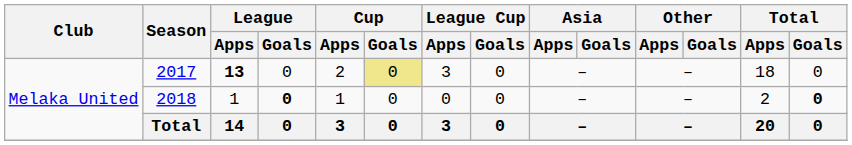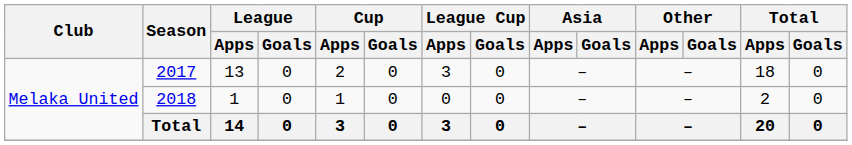 <table class="wikitable" style="text-align:center;">
 <tr>
 <th rowspan="2">Club</th>
 <th rowspan="2">Season</th>
 <th colspan="2">League</th>
 <th colspan="2">Cup</th>
 <th colspan="2">League Cup</th>
 <th colspan="2">Asia</th>
 <th colspan="2">Other</th>
 <th colspan="2">Total</th>
 </tr>
 <tr>
 <th>Apps</th>
 <th>Goals</th>
 <th>Apps</th>
 <th>Goals</th>
 <th>Apps</th>
 <th>Goals</th>
 <th>Apps</th>
 <th>Goals</th>
 <th>Apps</th>
 <th>Goals</th>
 <th>Apps</th>
 <th>Goals</th>
 </tr>
 <tr>
 <td rowspan="3"><a href='#'>Melaka United</a></td>
 <td><a href='#'>2017</a></td>
-<td><strong>13</strong></td>
+<td>13</td>
 <td>0</td>
 <td>2</td>
-<td style="background: khaki;">0</td>
+<td>0</td>
 <td>3</td>
 <td>0</td>
 <td colspan="2">–</td>
 <td colspan="2">–</td>
 <td>18</td>
 <td>0</td>
 </tr>
 <tr>
 <td><a href='#'>2018</a></td>
 <td>1</td>
-<td><strong>0</strong></td>
+<td>0</td>
 <td>1</td>
 <td>0</td>
 <td>0</td>
 <td>0</td>
 <td colspan="2">–</td>
 <td colspan="2">–</td>
 <td>2</td>
-<td><strong>0</strong></td>
+<td>0</td>
 </tr>
 <tr>
 <th>Total</th>
 <th>14</th>
 <th>0</th>
 <th>3</th>
 <th>0</th>
 <th>3</th>
 <th>0</th>
 <th colspan="2">–</th>
 <th colspan="2">–</th>
 <th>20</th>
 <th>0</th>
 </tr>
 <tr>
 </tr>
 </table>
